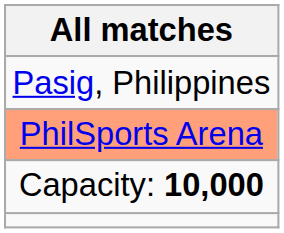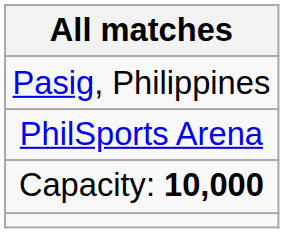 <table class="wikitable" style="text-align:center">
 <tr>
 <th>All matches</th>
 </tr>
 <tr>
 <td><a href='#'>Pasig</a>, Philippines</td>
 </tr>
 <tr>
-<td style="background: lightsalmon;"><a href='#'>PhilSports Arena</a></td>
+<td><a href='#'>PhilSports Arena</a></td>
 </tr>
 <tr>
 <td>Capacity: <strong>10,000</strong></td>
 </tr>
 <tr>
 <td></td>
 </tr>
 </table>
